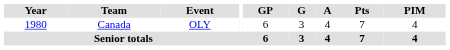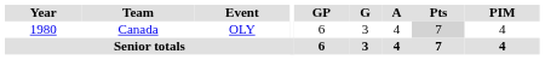 <table border="0" cellpadding="1" cellspacing="0" ID="Table3" style="text-align:center; width:40em">
 <tr bgcolor="#e0e0e0">
 <th>Year</th>
 <th>Team</th>
 <th>Event</th>
 <th rowspan="102" bgcolor="#ffffff"></th>
 <th>GP</th>
 <th>G</th>
 <th>A</th>
 <th>Pts</th>
 <th>PIM</th>
 </tr>
 <tr>
 <td><a href='#'>1980</a></td>
 <td><a href='#'>Canada</a></td>
 <td><a href='#'>OLY</a></td>
 <td>6</td>
 <td>3</td>
 <td>4</td>
-<td>7</td>
+<td style="background: lightgrey;">7</td>
 <td>4</td>
 </tr>
 <tr bgcolor="#e0e0e0">
 <th colspan="4">Senior totals</th>
 <th>6</th>
 <th>3</th>
 <th>4</th>
 <th>7</th>
 <th>4</th>
 </tr>
 </table>
